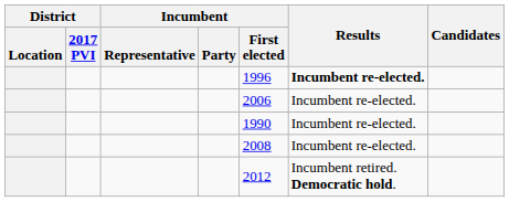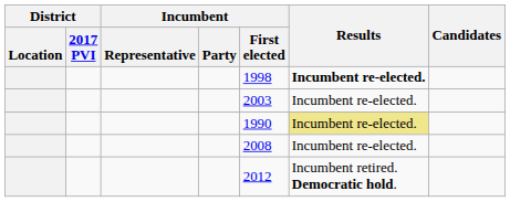 <table class="wikitable sortable">
 <tr>
 <th colspan=2>District</th>
 <th colspan=3>Incumbent</th>
 <th rowspan=2>Results</th>
 <th rowspan=2>Candidates</th>
 </tr>
 <tr valign=bottom>
 <th>Location</th>
 <th><a href='#'>2017<br>PVI</a></th>
 <th>Representative</th>
 <th>Party</th>
 <th>First<br>elected</th>
 </tr>
 <tr>
 <th></th>
 <td></td>
 <td></td>
 <td></td>
-<td><a href='#'>1996</a></td>
+<td><a href='#'>1998</a></td>
 <td><strong>Incumbent re-elected.</strong></td>
 <td nowrap></td>
 </tr>
 <tr>
 <th></th>
 <td></td>
 <td></td>
 <td></td>
-<td><a href='#'>2006</a></td>
+<td><a href='#'>2003</a></td>
 <td>Incumbent re-elected.</td>
 <td nowrap></td>
 </tr>
 <tr>
 <th></th>
 <td></td>
 <td></td>
 <td></td>
 <td><a href='#'>1990</a></td>
-<td>Incumbent re-elected.</td>
+<td style="background: khaki;">Incumbent re-elected.</td>
 <td nowrap></td>
 </tr>
 <tr>
 <th></th>
 <td></td>
 <td></td>
 <td></td>
 <td><a href='#'>2008</a></td>
 <td>Incumbent re-elected.</td>
 <td nowrap></td>
 </tr>
 <tr>
 <th></th>
 <td></td>
 <td></td>
 <td></td>
 <td><a href='#'>2012</a></td>
 <td>Incumbent retired.<br><strong>Democratic hold</strong>.</td>
 <td nowrap></td>
 </tr>
 </table>
